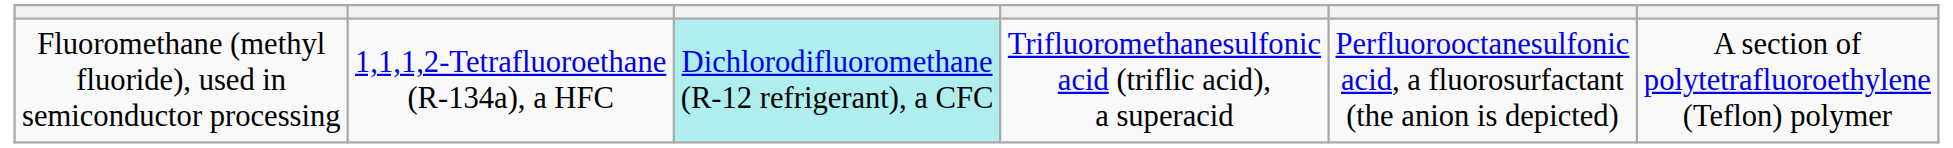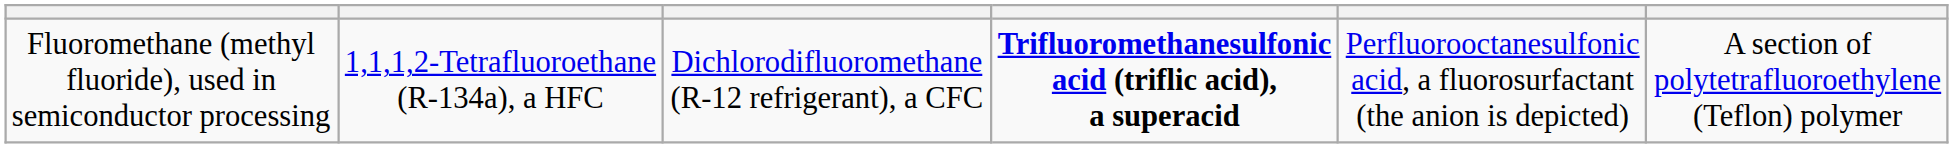 <table class="wikitable" style="margin:auto; text-align:center; font-size:85%">
 <tr>
 <th></th>
 <th></th>
 <th></th>
 <th></th>
 <th></th>
 <th></th>
 </tr>
 <tr>
 <td>Fluoromethane (methyl<br> fluoride), used in<br> semiconductor processing</td>
 <td><a href='#'>1,1,1,2-Tetrafluoroethane</a><br> (R-134a), a HFC</td>
-<td style="background: paleturquoise;"><a href='#'>Dichlorodifluoromethane</a><br> (R-12 refrigerant), a CFC</td>
-<td><a href='#'>Trifluoromethanesulfonic<br>acid</a> (triflic acid),<br> a superacid</td>
+<td><a href='#'>Dichlorodifluoromethane</a><br> (R-12 refrigerant), a CFC</td>
+<td><strong><a href='#'>Trifluoromethanesulfonic<br>acid</a> (triflic acid),<br> a superacid</strong></td>
 <td><a href='#'>Perfluorooctanesulfonic<br>acid</a>, a fluorosurfactant<br> (the anion is depicted)</td>
 <td>A section of<br> <a href='#'>polytetrafluoroethylene</a><br> (Teflon) polymer</td>
 </tr>
 </table>
